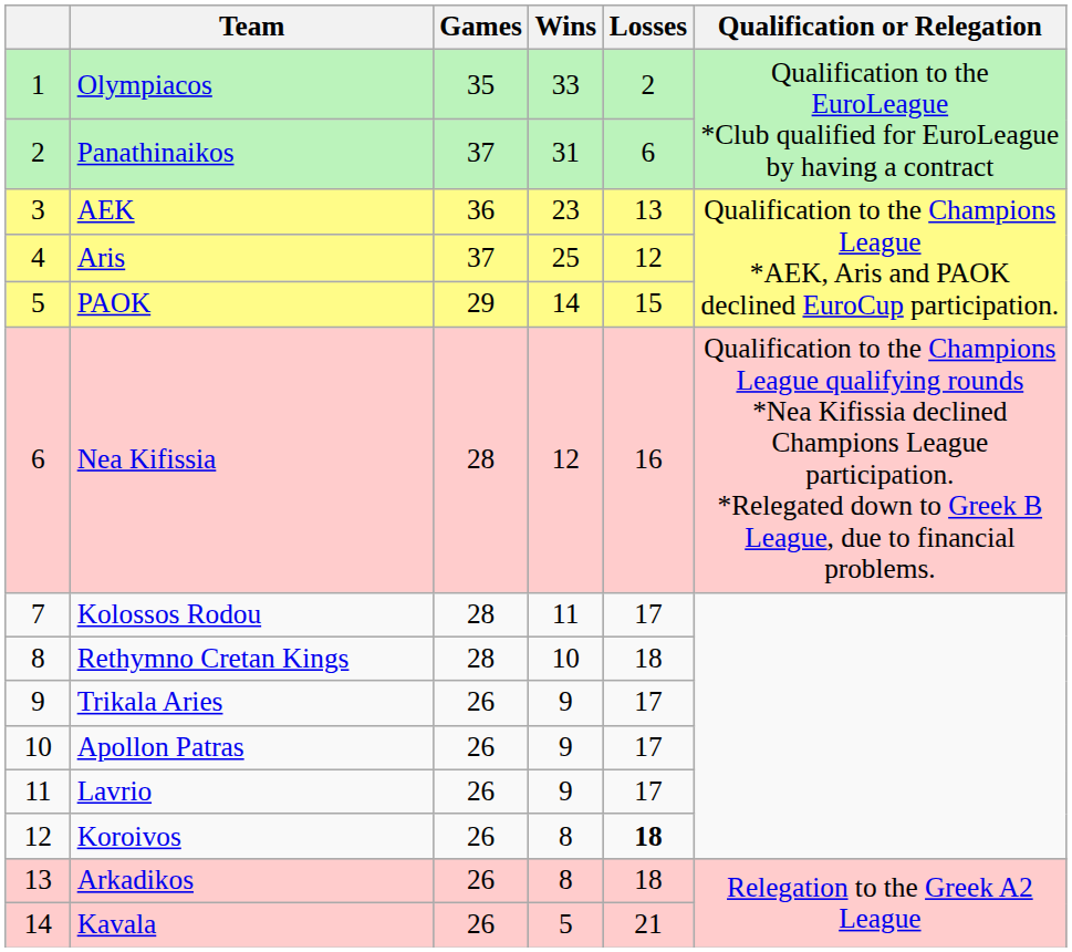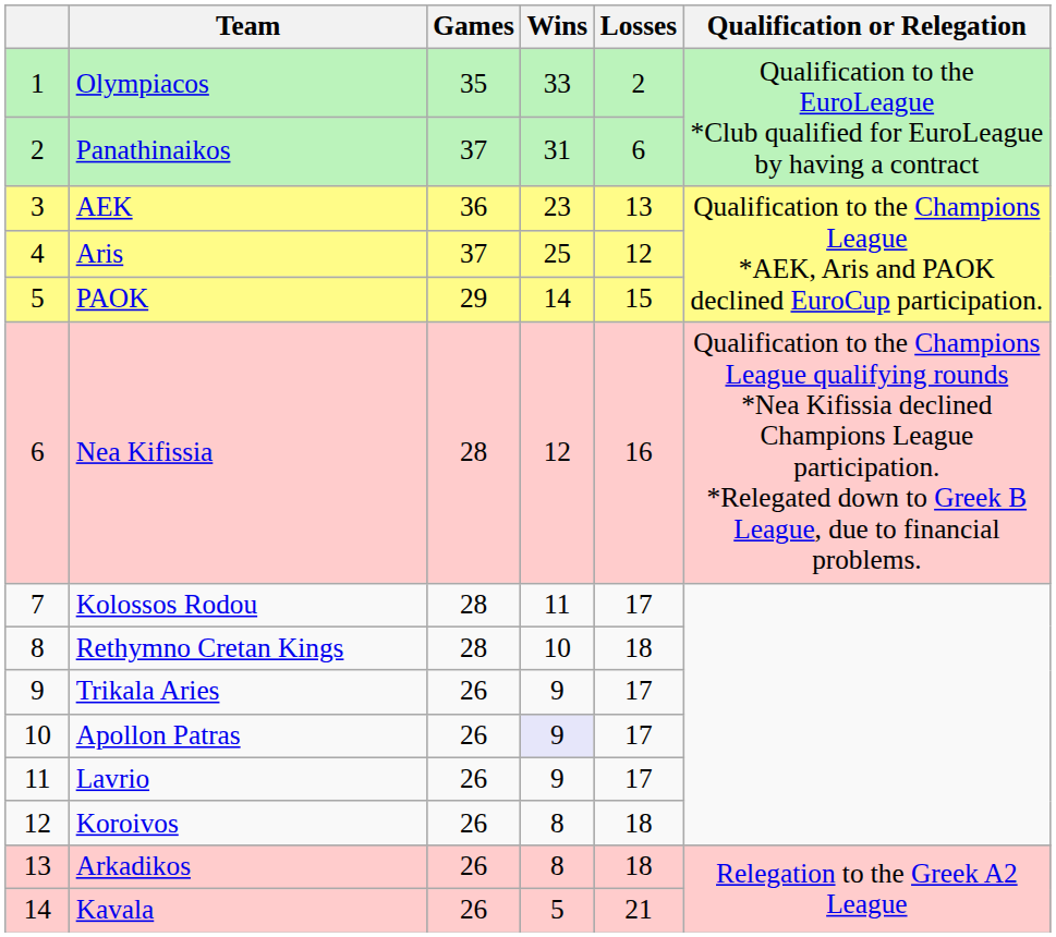 <table class="wikitable" style="text-align: center;">
 <tr>
 <th width=30></th>
 <th width=200>Team</th>
 <th>Games</th>
 <th>Wins</th>
 <th>Losses</th>
 <th>Qualification or Relegation</th>
 </tr>
 <tr bgcolor="#BBF3BB">
 <td>1</td>
 <td align=left><a href='#'>Olympiacos</a></td>
 <td>35</td>
 <td>33</td>
 <td>2</td>
 <td rowspan=2>Qualification to the <a href='#'>EuroLeague</a><br>*Club qualified for EuroLeague by having a contract</td>
 </tr>
 <tr bgcolor="#BBF3BB">
 <td>2</td>
 <td align=left><a href='#'>Panathinaikos</a></td>
 <td>37</td>
 <td>31</td>
 <td>6</td>
 </tr>
 <tr bgcolor="#FFFC88">
 <td>3</td>
 <td align=left><a href='#'>AEK</a></td>
 <td>36</td>
 <td>23</td>
 <td>13</td>
 <td rowspan=3>Qualification to the <a href='#'>Champions League</a><br>*AEK, Aris and PAOK declined <a href='#'>EuroCup</a> participation.</td>
 </tr>
 <tr bgcolor="#FFFC88">
 <td>4</td>
 <td align="left"><a href='#'>Aris</a></td>
 <td>37</td>
 <td>25</td>
 <td>12</td>
 </tr>
 <tr bgcolor="#FFFC88">
 <td>5</td>
 <td align="left"><a href='#'>PAOK</a></td>
 <td>29</td>
 <td>14</td>
 <td>15</td>
 </tr>
 <tr bgcolor="FFCCCC">
 <td>6</td>
 <td align="left"><a href='#'>Nea Kifissia</a></td>
 <td>28</td>
 <td>12</td>
 <td>16</td>
 <td rowspan=1>Qualification to the <a href='#'>Champions League qualifying rounds</a><br>*Nea Kifissia declined Champions League participation.<br>*Relegated down to <a href='#'>Greek B League</a>, due to financial problems.</td>
 </tr>
 <tr>
 <td>7</td>
 <td align="left"><a href='#'>Kolossos Rodou</a></td>
 <td>28</td>
 <td>11</td>
 <td>17</td>
 </tr>
 <tr>
 <td>8</td>
 <td align="left"><a href='#'>Rethymno Cretan Kings</a></td>
 <td>28</td>
 <td>10</td>
 <td>18</td>
 </tr>
 <tr>
 <td>9</td>
 <td align="left"><a href='#'>Trikala Aries</a></td>
 <td>26</td>
 <td>9</td>
 <td>17</td>
 </tr>
 <tr>
 <td>10</td>
 <td align="left"><a href='#'>Apollon Patras</a></td>
 <td>26</td>
-<td>9</td>
+<td style="background: lavender;">9</td>
 <td>17</td>
 </tr>
 <tr>
 <td>11</td>
 <td align="left"><a href='#'>Lavrio</a></td>
 <td>26</td>
 <td>9</td>
 <td>17</td>
 </tr>
 <tr>
 <td>12</td>
 <td align="left"><a href='#'>Koroivos</a></td>
 <td>26</td>
 <td>8</td>
-<td><strong>18</strong></td>
+<td>18</td>
 </tr>
 <tr bgcolor="FFCCCC">
 <td>13</td>
 <td align="left"><a href='#'>Arkadikos</a></td>
 <td>26</td>
 <td>8</td>
 <td>18</td>
 <td rowspan=2><a href='#'>Relegation</a> to the <a href='#'>Greek A2 League</a></td>
 </tr>
 <tr bgcolor="FFCCCC">
 <td>14</td>
 <td align="left"><a href='#'>Kavala</a></td>
 <td>26</td>
 <td>5</td>
 <td>21</td>
 </tr>
 </table>
